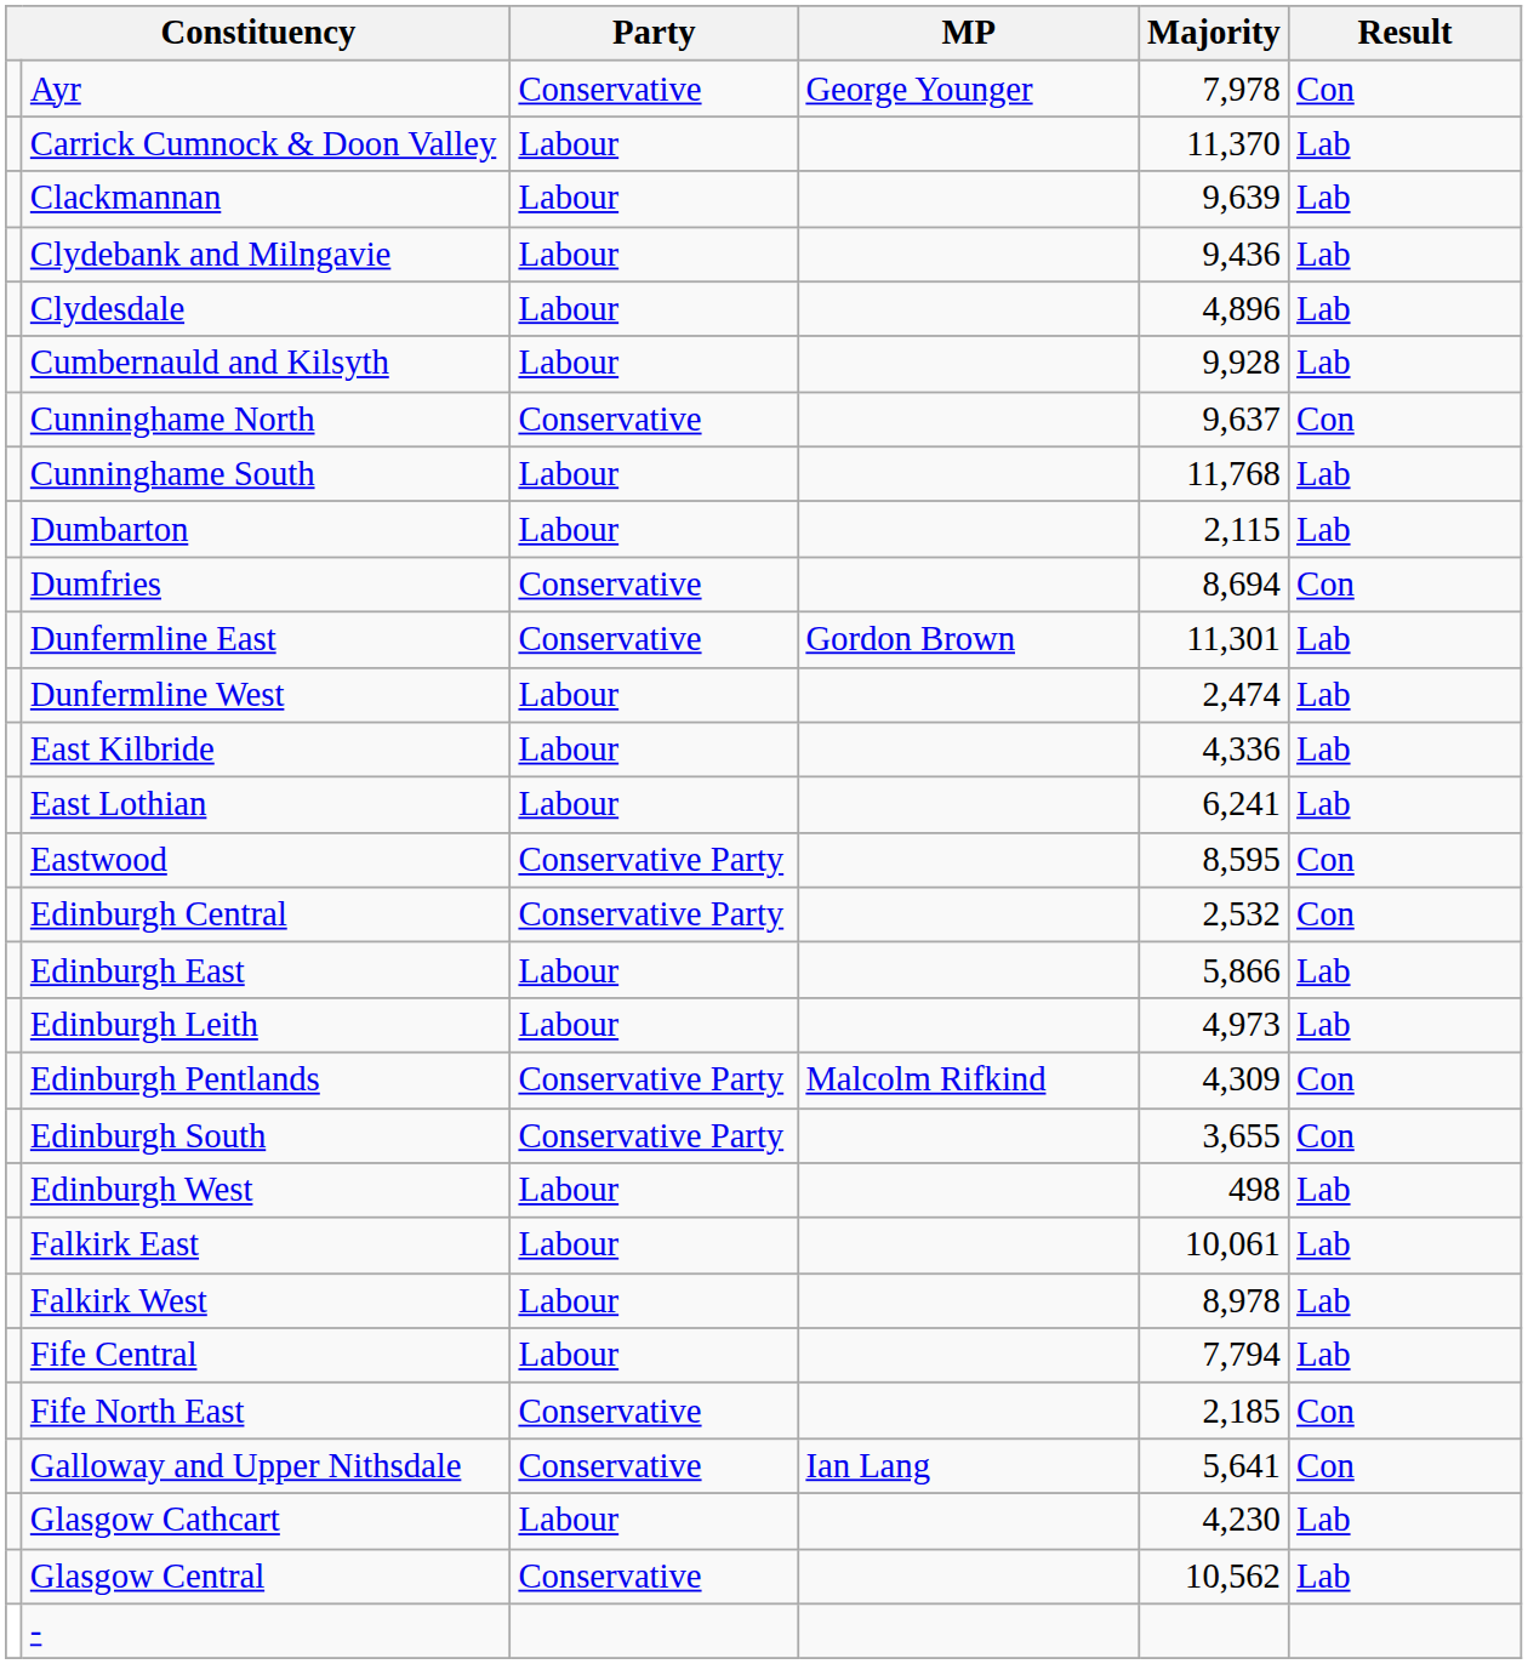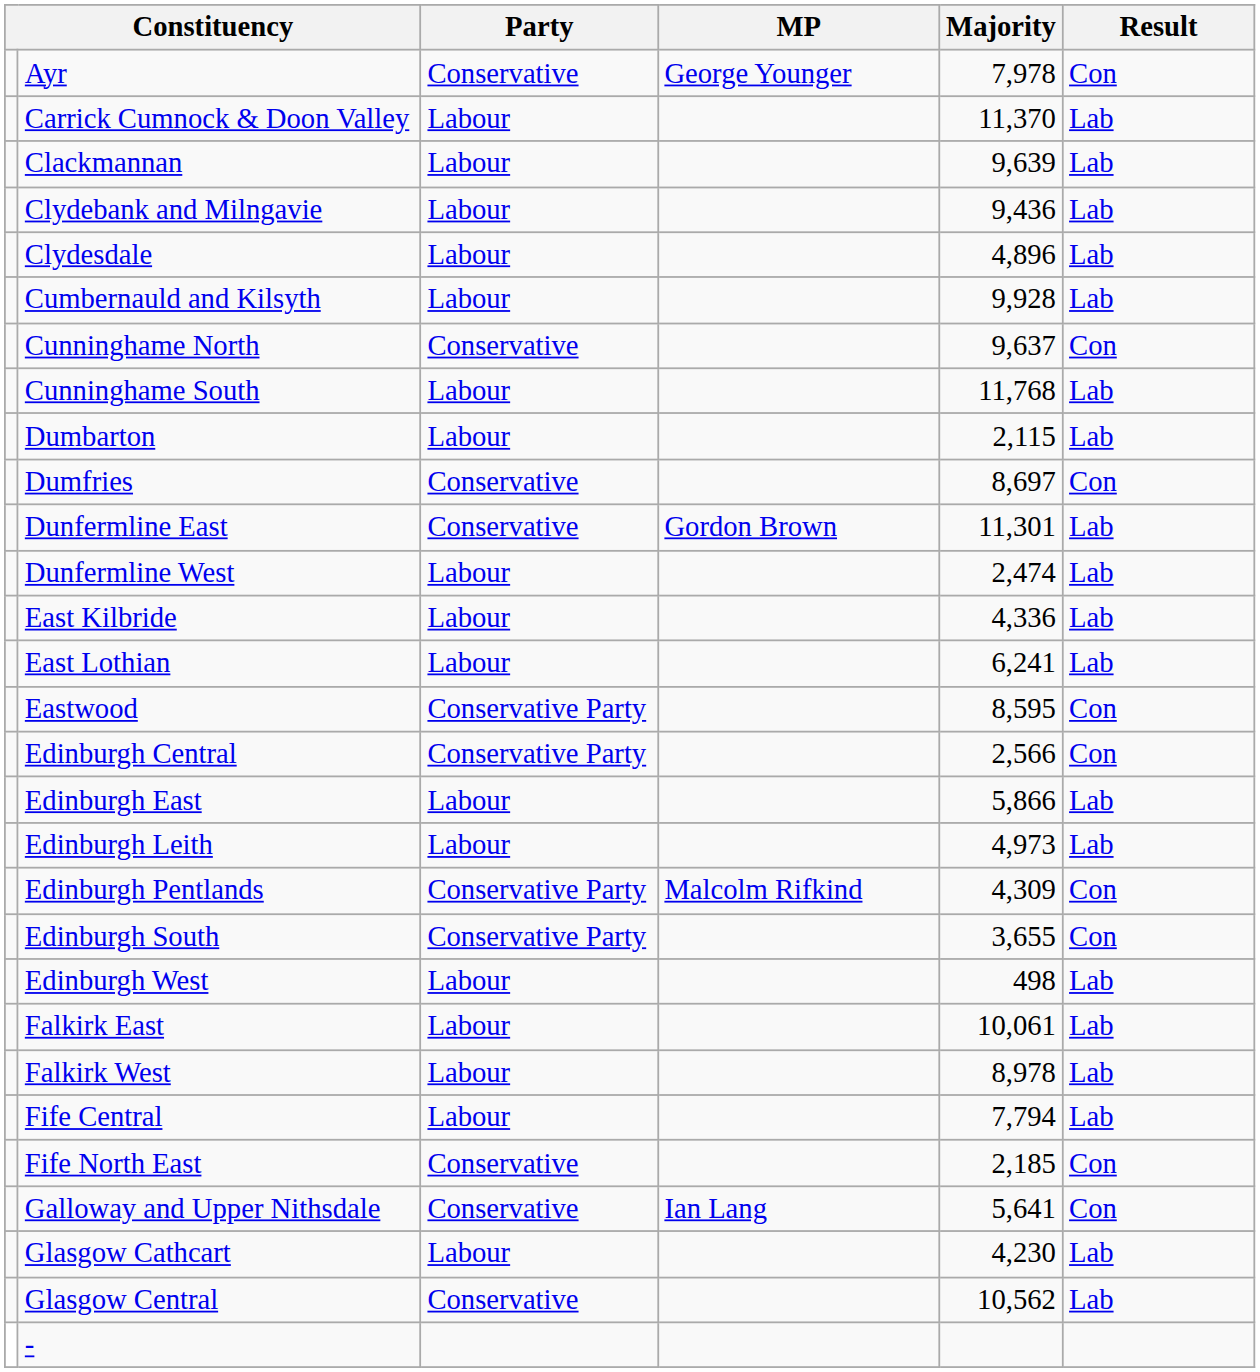 <table class="wikitable">
 <tr>
 <th colspan="2" width="225px">Constituency</th>
 <th width="125px">Party</th>
 <th width="150px">MP</th>
 <th width="60px">Majority</th>
 <th width="100px">Result</th>
 </tr>
 <tr>
 <td style="color:inherit;background:"></td>
 <td><a href='#'>Ayr</a></td>
 <td align="left"><a href='#'>Conservative</a></td>
 <td align="left"><a href='#'>George Younger</a></td>
 <td align="right">7,978</td>
 <td align="left"><a href='#'>Con</a></td>
 </tr>
 <tr>
 <td style="color:inherit;background:"></td>
 <td><a href='#'>Carrick Cumnock & Doon Valley</a></td>
 <td align="left"><a href='#'>Labour</a></td>
 <td align="left"></td>
 <td align="right">11,370</td>
 <td align="left"><a href='#'>Lab</a></td>
 </tr>
 <tr>
 <td style="color:inherit;background:"></td>
 <td><a href='#'>Clackmannan</a></td>
 <td align="left"><a href='#'>Labour</a></td>
 <td align="left"></td>
 <td align="right">9,639</td>
 <td align="left"><a href='#'>Lab</a></td>
 </tr>
 <tr>
 <td style="color:inherit;background:"></td>
 <td><a href='#'>Clydebank and Milngavie</a></td>
 <td align="left"><a href='#'>Labour</a></td>
 <td align="left"></td>
 <td align="right">9,436</td>
 <td align="left"><a href='#'>Lab</a></td>
 </tr>
 <tr>
 <td style="color:inherit;background:"></td>
 <td><a href='#'>Clydesdale</a></td>
 <td align="left"><a href='#'>Labour</a></td>
 <td align="left"></td>
 <td align="right">4,896</td>
 <td align="left"><a href='#'>Lab</a></td>
 </tr>
 <tr>
 <td style="color:inherit;background:"></td>
 <td><a href='#'>Cumbernauld and Kilsyth</a></td>
 <td align="left"><a href='#'>Labour</a></td>
 <td align="left"></td>
 <td align="right">9,928</td>
 <td align="left"><a href='#'>Lab</a></td>
 </tr>
 <tr>
 <td style="color:inherit;background:"></td>
 <td><a href='#'>Cunninghame North</a></td>
 <td align="left"><a href='#'>Conservative</a></td>
 <td align="left"></td>
 <td align="right">9,637</td>
 <td align="left"><a href='#'>Con</a></td>
 </tr>
 <tr>
 <td style="color:inherit;background:"></td>
 <td><a href='#'>Cunninghame South</a></td>
 <td align="left"><a href='#'>Labour</a></td>
 <td align="left"></td>
 <td align="right">11,768</td>
 <td align="left"><a href='#'>Lab</a></td>
 </tr>
 <tr>
 <td style="color:inherit;background:"></td>
 <td><a href='#'>Dumbarton</a></td>
 <td align="left"><a href='#'>Labour</a></td>
 <td align="left"></td>
 <td align="right">2,115</td>
 <td align="left"><a href='#'>Lab</a></td>
 </tr>
 <tr>
 <td style="color:inherit;background:"></td>
 <td><a href='#'>Dumfries</a></td>
 <td align="left"><a href='#'>Conservative</a></td>
 <td align="left"></td>
-<td align="right">8,694</td>
+<td align="right">8,697</td>
 <td align="left"><a href='#'>Con</a></td>
 </tr>
 <tr>
 <td style="color:inherit;background:"></td>
 <td><a href='#'>Dunfermline East</a></td>
 <td align="left"><a href='#'>Conservative</a></td>
 <td align="left"><a href='#'>Gordon Brown</a></td>
 <td align="right">11,301</td>
 <td align="left"><a href='#'>Lab</a></td>
 </tr>
 <tr>
 <td style="color:inherit;background:"></td>
 <td><a href='#'>Dunfermline West</a></td>
 <td align="left"><a href='#'>Labour</a></td>
 <td align="left"></td>
 <td align="right">2,474</td>
 <td align="left"><a href='#'>Lab</a></td>
 </tr>
 <tr>
 <td style="color:inherit;background:"></td>
 <td><a href='#'>East Kilbride</a></td>
 <td align="left"><a href='#'>Labour</a></td>
 <td align="left"></td>
 <td align="right">4,336</td>
 <td align="left"><a href='#'>Lab</a></td>
 </tr>
 <tr>
 <td style="color:inherit;background:"></td>
 <td><a href='#'>East Lothian</a></td>
 <td align="left"><a href='#'>Labour</a></td>
 <td align="left"></td>
 <td align="right">6,241</td>
 <td align="left"><a href='#'>Lab</a></td>
 </tr>
 <tr>
 <td style="color:inherit;background:"></td>
 <td><a href='#'>Eastwood</a></td>
 <td align="left"><a href='#'>Conservative Party</a></td>
 <td align="left"></td>
 <td align="right">8,595</td>
 <td align="left"><a href='#'>Con</a></td>
 </tr>
 <tr>
 <td style="color:inherit;background:"></td>
 <td><a href='#'>Edinburgh Central</a></td>
 <td align="left"><a href='#'>Conservative Party</a></td>
 <td align="left"></td>
-<td align="right">2,532</td>
+<td align="right">2,566</td>
 <td align="left"><a href='#'>Con</a></td>
 </tr>
 <tr>
 <td style="color:inherit;background:"></td>
 <td><a href='#'>Edinburgh East</a></td>
 <td align="left"><a href='#'>Labour</a></td>
 <td align="left"></td>
 <td align="right">5,866</td>
 <td align="left"><a href='#'>Lab</a></td>
 </tr>
 <tr>
 <td style="color:inherit;background:"></td>
 <td><a href='#'>Edinburgh Leith</a></td>
 <td align="left"><a href='#'>Labour</a></td>
 <td align="left"></td>
 <td align="right">4,973</td>
 <td align="left"><a href='#'>Lab</a></td>
 </tr>
 <tr>
 <td style="color:inherit;background:"></td>
 <td><a href='#'>Edinburgh Pentlands</a></td>
 <td align="left"><a href='#'>Conservative Party</a></td>
 <td align="left"><a href='#'>Malcolm Rifkind</a></td>
 <td align="right">4,309</td>
 <td align="left"><a href='#'>Con</a></td>
 </tr>
 <tr>
 <td style="color:inherit;background:"></td>
 <td><a href='#'>Edinburgh South</a></td>
 <td align="left"><a href='#'>Conservative Party</a></td>
 <td align="left"></td>
 <td align="right">3,655</td>
 <td align="left"><a href='#'>Con</a></td>
 </tr>
 <tr>
 <td style="color:inherit;background:"></td>
 <td><a href='#'>Edinburgh West</a></td>
 <td align="left"><a href='#'>Labour</a></td>
 <td align="left"></td>
 <td align="right">498</td>
 <td align="left"><a href='#'>Lab</a></td>
 </tr>
 <tr>
 <td style="color:inherit;background:"></td>
 <td><a href='#'>Falkirk East</a></td>
 <td align="left"><a href='#'>Labour</a></td>
 <td align="left"></td>
 <td align="right">10,061</td>
 <td align="left"><a href='#'>Lab</a></td>
 </tr>
 <tr>
 <td style="color:inherit;background:"></td>
 <td><a href='#'>Falkirk West</a></td>
 <td align="left"><a href='#'>Labour</a></td>
 <td align="left"></td>
 <td align="right">8,978</td>
 <td align="left"><a href='#'>Lab</a></td>
 </tr>
 <tr>
 <td style="color:inherit;background:"></td>
 <td><a href='#'>Fife Central</a></td>
 <td align="left"><a href='#'>Labour</a></td>
 <td align="left"></td>
 <td align="right">7,794</td>
 <td align="left"><a href='#'>Lab</a></td>
 </tr>
 <tr>
 <td style="color:inherit;background:"></td>
 <td><a href='#'>Fife North East</a></td>
 <td align="left"><a href='#'>Conservative</a></td>
 <td align="left"></td>
 <td align="right">2,185</td>
 <td align="left"><a href='#'>Con</a></td>
 </tr>
 <tr>
 <td style="color:inherit;background:"></td>
 <td><a href='#'>Galloway and Upper Nithsdale</a></td>
 <td align="left"><a href='#'>Conservative</a></td>
 <td align="left"><a href='#'>Ian Lang</a></td>
 <td align="right">5,641</td>
 <td align="left"><a href='#'>Con</a></td>
 </tr>
 <tr>
 <td style="color:inherit;background:"></td>
 <td><a href='#'>Glasgow Cathcart</a></td>
 <td align="left"><a href='#'>Labour</a></td>
 <td align="left"></td>
 <td align="right">4,230</td>
 <td align="left"><a href='#'>Lab</a></td>
 </tr>
 <tr>
 <td style="color:inherit;background:"></td>
 <td><a href='#'>Glasgow Central</a></td>
 <td align="left"><a href='#'>Conservative</a></td>
 <td align="left"></td>
 <td align="right">10,562</td>
 <td align="left"><a href='#'>Lab</a></td>
 </tr>
 <tr>
 <td bgcolor="white"></td>
 <td><a href='#'>-</a></td>
 <td align="left"></td>
 <td align="left"></td>
 <td align="right"></td>
 <td align="left"></td>
 </tr>
 </table>
